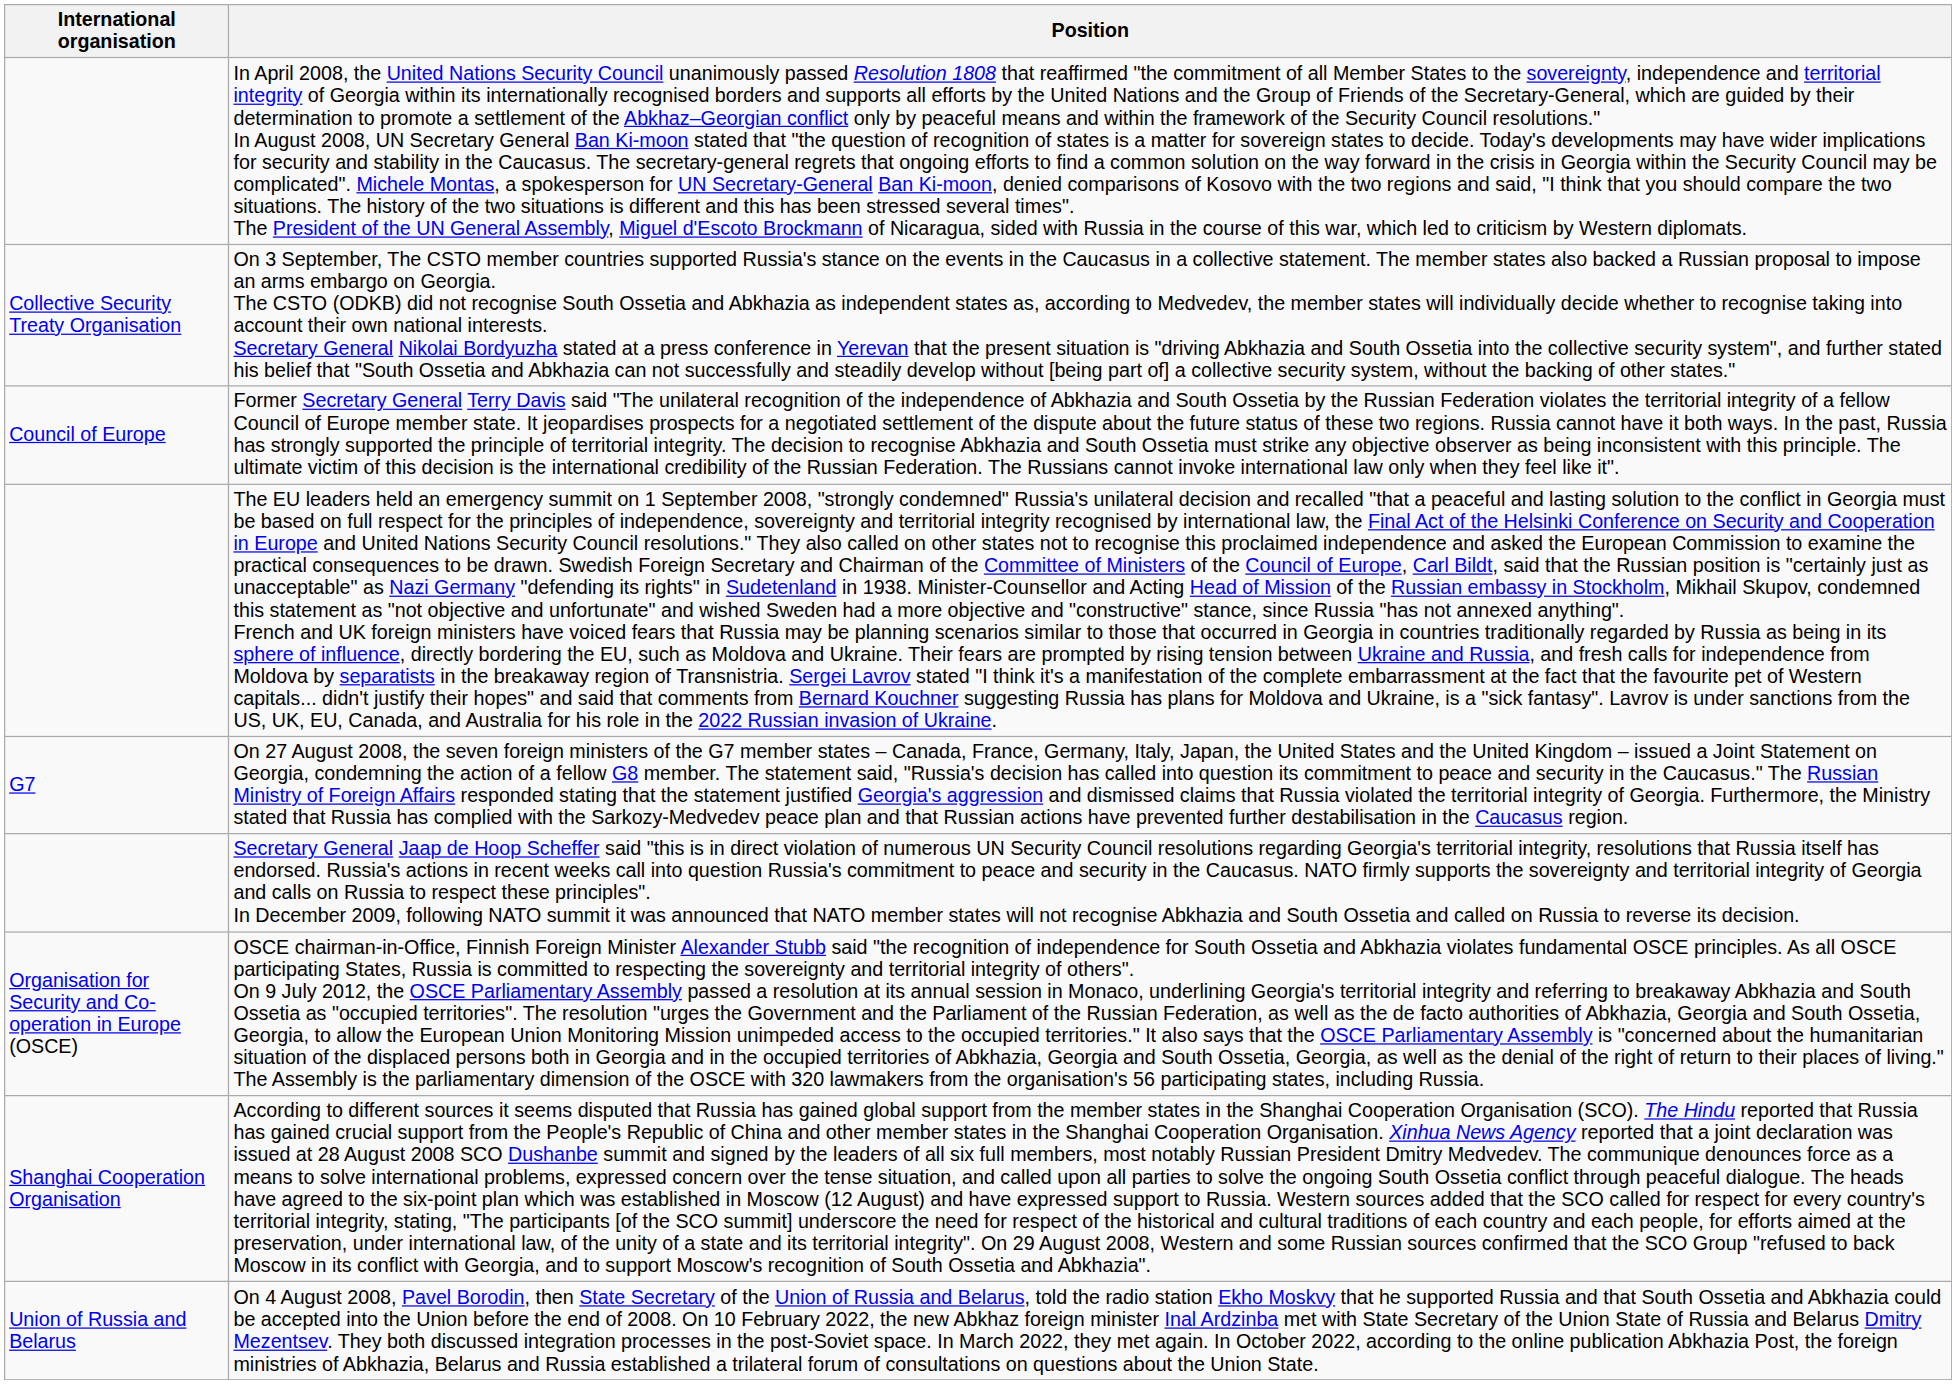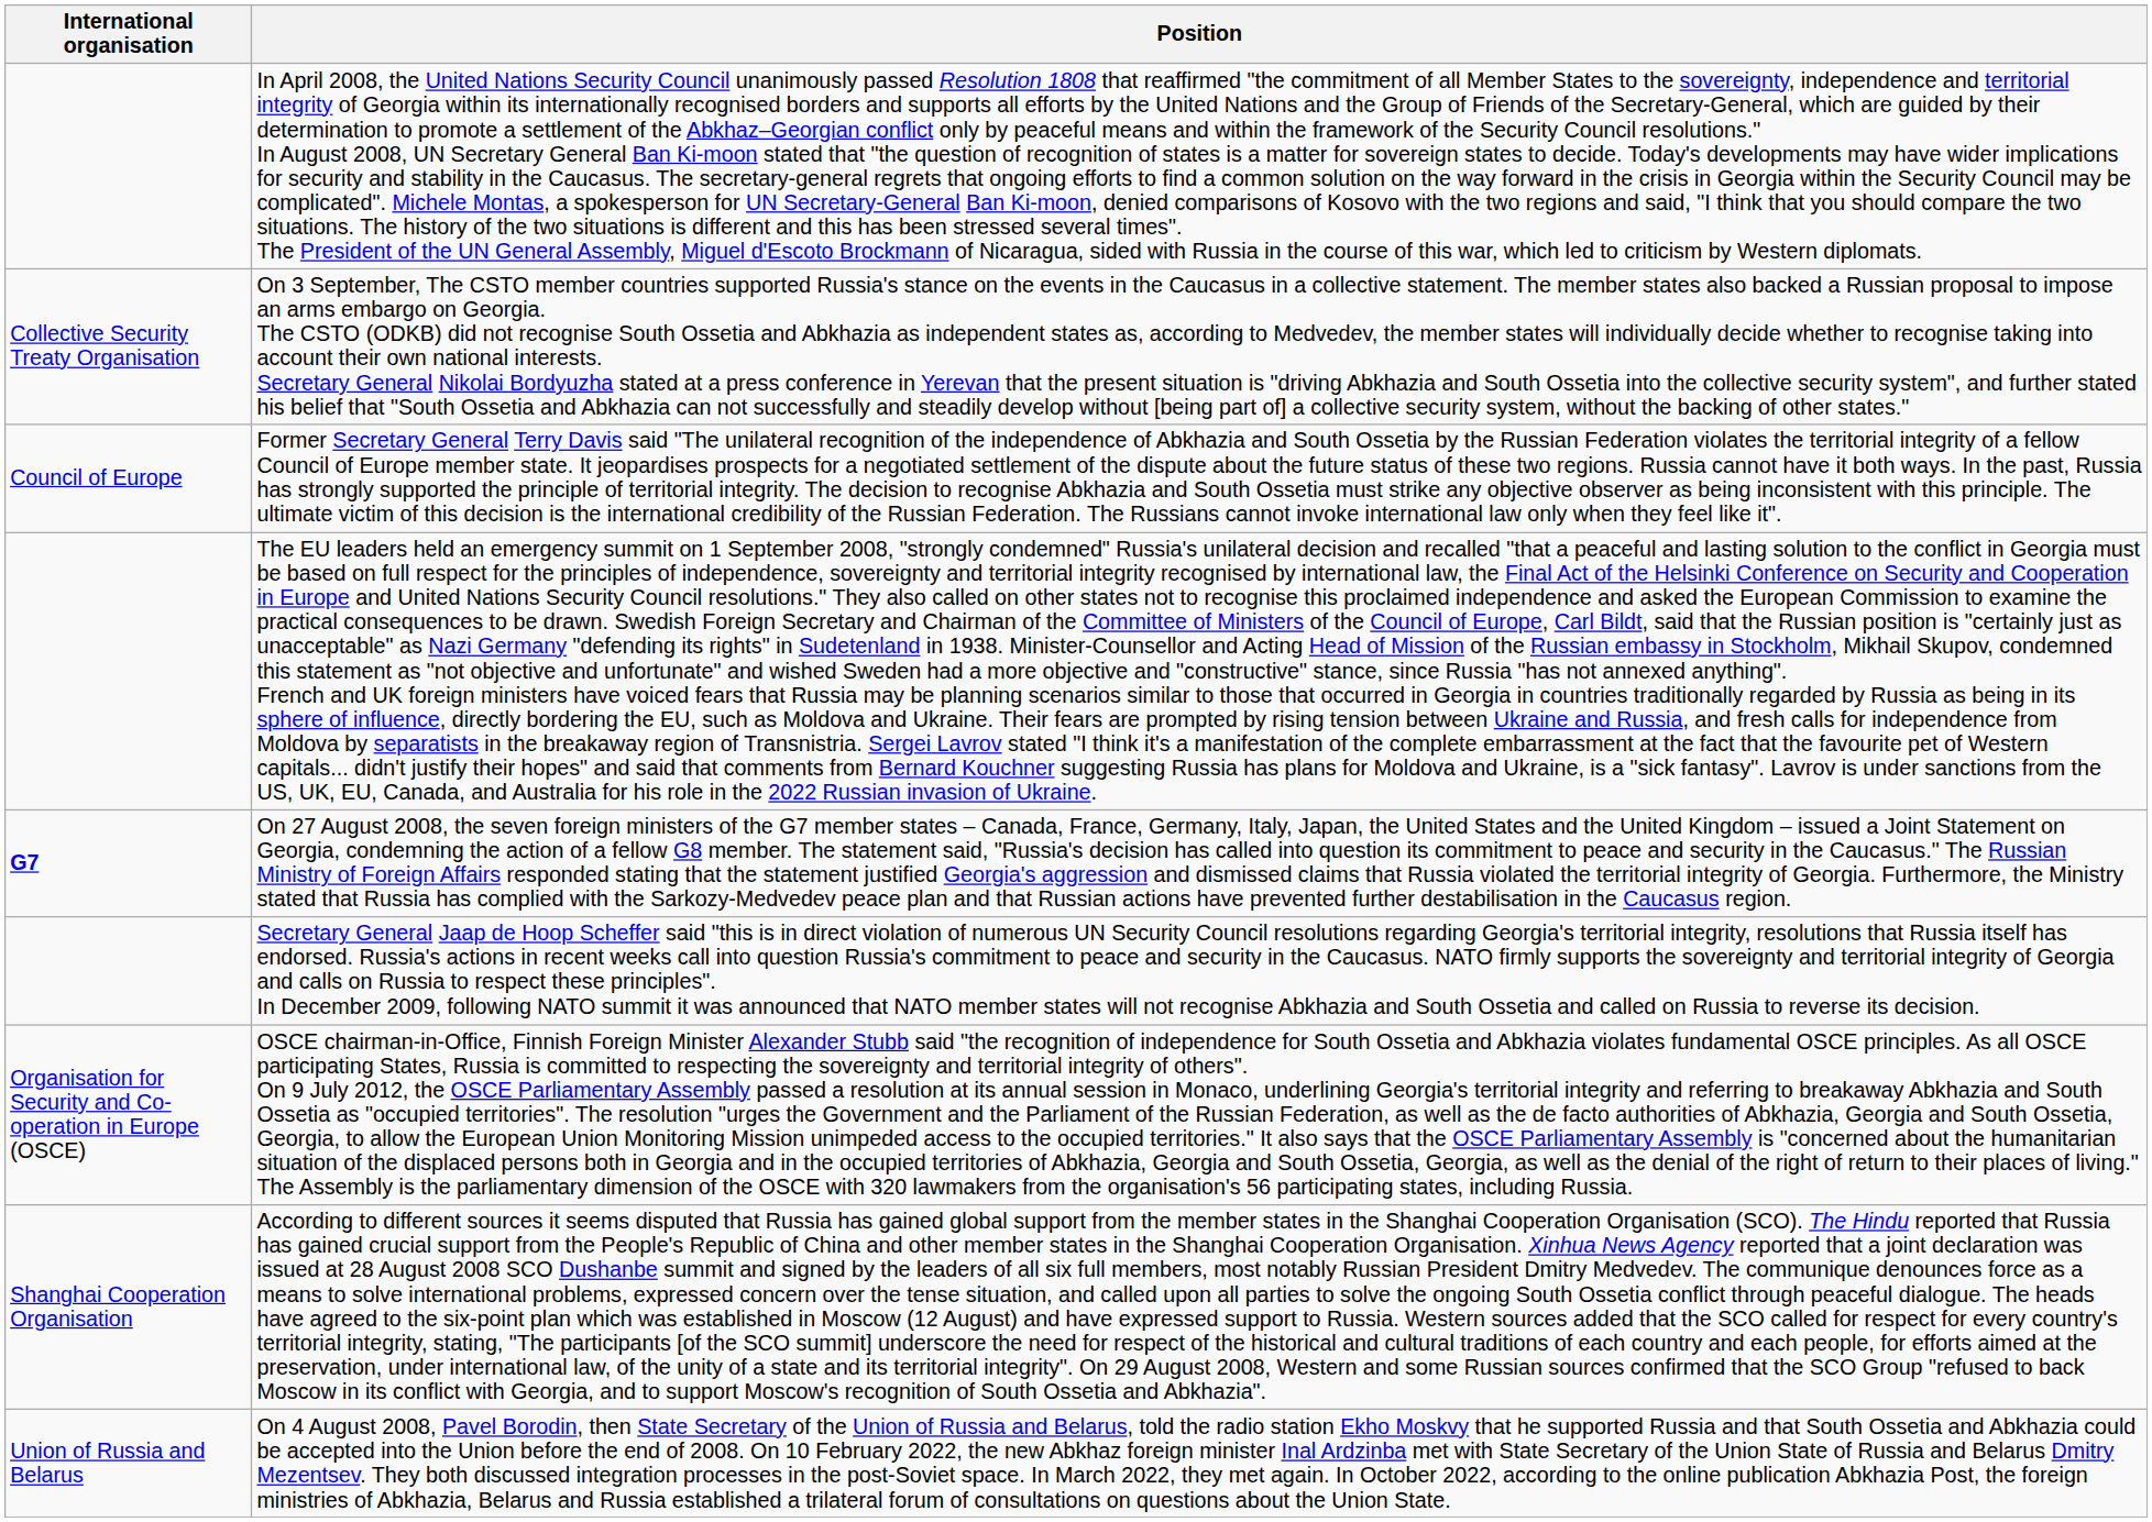 <table class="wikitable" style="margin:auto; width:100%;">
 <tr>
 <th style="width:175px;">International organisation</th>
 <th>Position</th>
 </tr>
 <tr>
 <td></td>
 <td>In April 2008, the <a href='#'>United Nations Security Council</a> unanimously passed <em><a href='#'>Resolution 1808</a></em> that reaffirmed "the commitment of all Member States to the <a href='#'>sovereignty</a>, independence and <a href='#'>territorial integrity</a> of Georgia within its internationally recognised borders and supports all efforts by the United Nations and the Group of Friends of the Secretary-General, which are guided by their determination to promote a settlement of the <a href='#'>Abkhaz–Georgian conflict</a> only by peaceful means and within the framework of the Security Council resolutions."<br>In August 2008, UN Secretary General <a href='#'>Ban Ki-moon</a> stated that "the question of recognition of states is a matter for sovereign states to decide. Today's developments may have wider implications for security and stability in the Caucasus. The secretary-general regrets that ongoing efforts to find a common solution on the way forward in the crisis in Georgia within the Security Council may be complicated". <a href='#'>Michele Montas</a>, a spokesperson for <a href='#'>UN Secretary-General</a> <a href='#'>Ban Ki-moon</a>, denied comparisons of Kosovo with the two regions and said, "I think that you should compare the two situations. The history of the two situations is different and this has been stressed several times".<br>The <a href='#'>President of the UN General Assembly</a>, <a href='#'>Miguel d'Escoto Brockmann</a> of Nicaragua, sided with Russia in the course of this war, which led to criticism by Western diplomats.</td>
 </tr>
 <tr>
 <td> <a href='#'>Collective Security Treaty Organisation</a></td>
 <td>On 3 September, The CSTO member countries supported Russia's stance on the events in the Caucasus in a collective statement. The member states also backed a Russian proposal to impose an arms embargo on Georgia.<br>The CSTO (ODKB) did not recognise South Ossetia and Abkhazia as independent states as, according to Medvedev, the member states will individually decide whether to recognise taking into account their own national interests.<br><a href='#'>Secretary General</a> <a href='#'>Nikolai Bordyuzha</a> stated at a press conference in <a href='#'>Yerevan</a> that the present situation is "driving Abkhazia and South Ossetia into the collective security system", and further stated his belief that "South Ossetia and Abkhazia can not successfully and steadily develop without [being part of] a collective security system, without the backing of other states."</td>
 </tr>
 <tr>
 <td> <a href='#'>Council of Europe</a></td>
 <td>Former <a href='#'>Secretary General</a> <a href='#'>Terry Davis</a> said "The unilateral recognition of the independence of Abkhazia and South Ossetia by the Russian Federation violates the territorial integrity of a fellow Council of Europe member state. It jeopardises prospects for a negotiated settlement of the dispute about the future status of these two regions. Russia cannot have it both ways. In the past, Russia has strongly supported the principle of territorial integrity. The decision to recognise Abkhazia and South Ossetia must strike any objective observer as being inconsistent with this principle. The ultimate victim of this decision is the international credibility of the Russian Federation. The Russians cannot invoke international law only when they feel like it".</td>
 </tr>
 <tr>
 <td></td>
 <td>The EU leaders held an emergency summit on 1 September 2008, "strongly condemned" Russia's unilateral decision and recalled "that a peaceful and lasting solution to the conflict in Georgia must be based on full respect for the principles of independence, sovereignty and territorial integrity recognised by international law, the <a href='#'>Final Act of the Helsinki Conference on Security and Cooperation in Europe</a> and United Nations Security Council resolutions." They also called on other states not to recognise this proclaimed independence and asked the European Commission to examine the practical consequences to be drawn. Swedish Foreign Secretary and Chairman of the <a href='#'>Committee of Ministers</a> of the <a href='#'>Council of Europe</a>, <a href='#'>Carl Bildt</a>, said that the Russian position is "certainly just as unacceptable" as <a href='#'>Nazi Germany</a> "defending its rights" in <a href='#'>Sudetenland</a> in 1938. Minister-Counsellor and Acting <a href='#'>Head of Mission</a> of the <a href='#'>Russian embassy in Stockholm</a>, Mikhail Skupov, condemned this statement as "not objective and unfortunate" and wished Sweden had a more objective and "constructive" stance, since Russia "has not annexed anything".<br>	French and UK foreign ministers have voiced fears that Russia may be planning scenarios similar to those that occurred in Georgia in countries traditionally regarded by Russia as being in its <a href='#'>sphere of influence</a>, directly bordering the EU, such as Moldova and Ukraine. Their fears are prompted by rising tension between <a href='#'>Ukraine and Russia</a>, and fresh calls for independence from Moldova by <a href='#'>separatists</a> in the breakaway region of Transnistria. <a href='#'>Sergei Lavrov</a> stated "I think it's a manifestation of the complete embarrassment at the fact that the favourite pet of Western capitals... didn't justify their hopes" and said that comments from <a href='#'>Bernard Kouchner</a> suggesting Russia has plans for Moldova and Ukraine, is a "sick fantasy". Lavrov is under sanctions from the US, UK, EU, Canada, and Australia for his role in the <a href='#'>2022 Russian invasion of Ukraine</a>.</td>
 </tr>
 <tr>
-<td><a href='#'>G7</a></td>
+<td><strong><a href='#'>G7</a></strong></td>
 <td>On 27 August 2008, the seven foreign ministers of the G7 member states – Canada, France, Germany, Italy, Japan, the United States and the United Kingdom – issued a Joint Statement on Georgia, condemning the action of a fellow <a href='#'>G8</a> member. The statement said, "Russia's decision has called into question its commitment to peace and security in the Caucasus." The <a href='#'>Russian Ministry of Foreign Affairs</a> responded stating that the statement justified <a href='#'>Georgia's aggression</a> and dismissed claims that Russia violated the territorial integrity of Georgia. Furthermore, the Ministry stated that Russia has complied with the Sarkozy-Medvedev peace plan and that Russian actions have prevented further destabilisation in the <a href='#'>Caucasus</a> region.</td>
 </tr>
 <tr>
 <td></td>
 <td><a href='#'>Secretary General</a> <a href='#'>Jaap de Hoop Scheffer</a> said "this is in direct violation of numerous UN Security Council resolutions regarding Georgia's territorial integrity, resolutions that Russia itself has endorsed. Russia's actions in recent weeks call into question Russia's commitment to peace and security in the Caucasus. NATO firmly supports the sovereignty and territorial integrity of Georgia and calls on Russia to respect these principles".<br>In December 2009, following NATO summit it was announced that NATO member states will not recognise Abkhazia and South Ossetia and called on Russia to reverse its decision.</td>
 </tr>
 <tr>
 <td><a href='#'>Organisation for Security and Co-operation in Europe</a> (OSCE)</td>
 <td>OSCE chairman-in-Office, Finnish Foreign Minister <a href='#'>Alexander Stubb</a> said "the recognition of independence for South Ossetia and Abkhazia violates fundamental OSCE principles. As all OSCE participating States, Russia is committed to respecting the sovereignty and territorial integrity of others".<br>	On 9 July 2012, the <a href='#'>OSCE Parliamentary Assembly</a> passed a resolution at its annual session in Monaco, underlining Georgia's territorial integrity and referring to breakaway Abkhazia and South Ossetia as "occupied territories". The resolution "urges the Government and the Parliament of the Russian Federation, as well as the de facto authorities of Abkhazia, Georgia and South Ossetia, Georgia, to allow the European Union Monitoring Mission unimpeded access to the occupied territories." It also says that the <a href='#'>OSCE Parliamentary Assembly</a> is "concerned about the humanitarian situation of the displaced persons both in Georgia and in the occupied territories of Abkhazia, Georgia and South Ossetia, Georgia, as well as the denial of the right of return to their places of living." The Assembly is the parliamentary dimension of the OSCE with 320 lawmakers from the organisation's 56 participating states, including Russia.</td>
 </tr>
 <tr>
 <td><a href='#'>Shanghai Cooperation Organisation</a></td>
 <td>According to different sources it seems disputed that Russia has gained global support from the member states in the Shanghai Cooperation Organisation (SCO). <em><a href='#'>The Hindu</a></em> reported that Russia has gained crucial support from the People's Republic of China and other member states in the Shanghai Cooperation Organisation. <em><a href='#'>Xinhua News Agency</a></em> reported that a joint declaration was issued at 28 August 2008 SCO <a href='#'>Dushanbe</a> summit and signed by the leaders of all six full members, most notably Russian President Dmitry Medvedev. The communique denounces force as a means to solve international problems, expressed concern over the tense situation, and called upon all parties to solve the ongoing South Ossetia conflict through peaceful dialogue. The heads have agreed to the six-point plan which was established in Moscow (12 August) and have expressed support to Russia. Western sources added that the SCO called for respect for every country's territorial integrity, stating, "The participants [of the SCO summit] underscore the need for respect of the historical and cultural traditions of each country and each people, for efforts aimed at the preservation, under international law, of the unity of a state and its territorial integrity". On 29 August 2008, Western and some Russian sources confirmed that the SCO Group "refused to back Moscow in its conflict with Georgia, and to support Moscow's recognition of South Ossetia and Abkhazia".</td>
 </tr>
 <tr>
 <td><a href='#'>Union of Russia and Belarus</a></td>
 <td>On 4 August 2008, <a href='#'>Pavel Borodin</a>, then <a href='#'>State Secretary</a> of the <a href='#'>Union of Russia and Belarus</a>, told the radio station <a href='#'>Ekho Moskvy</a> that he supported Russia and that South Ossetia and Abkhazia could be accepted into the Union before the end of 2008. On 10 February 2022, the new Abkhaz foreign minister <a href='#'>Inal Ardzinba</a> met with State Secretary of the Union State of Russia and Belarus <a href='#'>Dmitry Mezentsev</a>. They both discussed integration processes in the post-Soviet space. In March 2022, they met again. In October 2022, according to the online publication Abkhazia Post, the foreign ministries of Abkhazia, Belarus and Russia established a trilateral forum of consultations on questions about the Union State.</td>
 </tr>
 </table>
